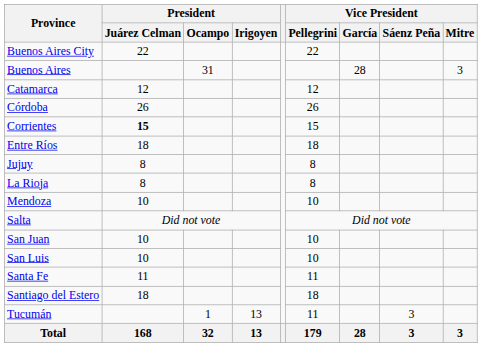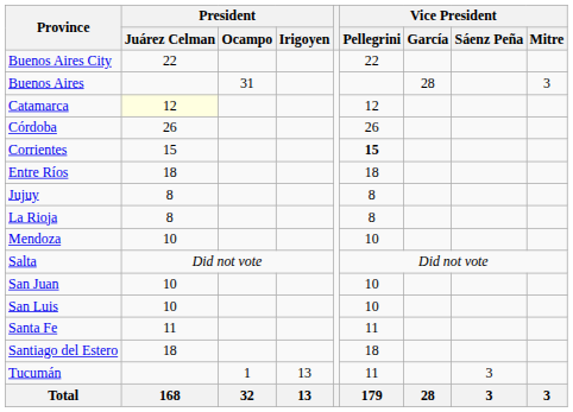 <table class="wikitable" style="text-align:center;">
 <tr>
 <th rowspan=2>Province</th>
 <th colspan=3>President</th>
 <th rowspan=2></th>
 <th colspan=4>Vice President</th>
 </tr>
 <tr>
 <th>Juárez Celman</th>
 <th>Ocampo</th>
 <th>Irigoyen</th>
 <th>Pellegrini</th>
 <th>García</th>
 <th>Sáenz Peña</th>
 <th>Mitre</th>
 </tr>
 <tr>
 <td align="left"><a href='#'>Buenos Aires City</a></td>
 <td>22</td>
 <td></td>
 <td></td>
 <td rowspan=15></td>
 <td>22</td>
 <td></td>
 <td></td>
 <td></td>
 </tr>
 <tr>
 <td align="left"><a href='#'>Buenos Aires</a></td>
 <td></td>
 <td>31</td>
 <td></td>
 <td></td>
 <td>28</td>
 <td></td>
 <td>3</td>
 </tr>
 <tr>
 <td align="left"><a href='#'>Catamarca</a></td>
-<td>12</td>
+<td style="background: lightyellow;">12</td>
 <td></td>
 <td></td>
 <td>12</td>
 <td></td>
 <td></td>
 <td></td>
 </tr>
 <tr>
 <td align="left"><a href='#'>Córdoba</a></td>
 <td>26</td>
 <td></td>
 <td></td>
 <td>26</td>
 <td></td>
 <td></td>
 <td></td>
 </tr>
 <tr>
 <td align="left"><a href='#'>Corrientes</a></td>
-<td><strong>15</strong></td>
+<td>15</td>
 <td></td>
 <td></td>
-<td>15</td>
+<td><strong>15</strong></td>
 <td></td>
 <td></td>
 <td></td>
 </tr>
 <tr>
 <td align="left"><a href='#'>Entre Ríos</a></td>
 <td>18</td>
 <td></td>
 <td></td>
 <td>18</td>
 <td></td>
 <td></td>
 <td></td>
 </tr>
 <tr>
 <td align="left"><a href='#'>Jujuy</a></td>
 <td>8</td>
 <td></td>
 <td></td>
 <td>8</td>
 <td></td>
 <td></td>
 <td></td>
 </tr>
 <tr>
 <td align="left"><a href='#'>La Rioja</a></td>
 <td>8</td>
 <td></td>
 <td></td>
 <td>8</td>
 <td></td>
 <td></td>
 <td></td>
 </tr>
 <tr>
 <td align="left"><a href='#'>Mendoza</a></td>
 <td>10</td>
 <td></td>
 <td></td>
 <td>10</td>
 <td></td>
 <td></td>
 <td></td>
 </tr>
 <tr>
 <td align="left"><a href='#'>Salta</a></td>
 <td colspan=3><em>Did not vote</em></td>
 <td colspan=4><em>Did not vote</em></td>
 </tr>
 <tr>
 <td align="left"><a href='#'>San Juan</a></td>
 <td>10</td>
 <td></td>
 <td></td>
 <td>10</td>
 <td></td>
 <td></td>
 <td></td>
 </tr>
 <tr>
 <td align="left"><a href='#'>San Luis</a></td>
 <td>10</td>
 <td></td>
 <td></td>
 <td>10</td>
 <td></td>
 <td></td>
 <td></td>
 </tr>
 <tr>
 <td align="left"><a href='#'>Santa Fe</a></td>
 <td>11</td>
 <td></td>
 <td></td>
 <td>11</td>
 <td></td>
 <td></td>
 <td></td>
 </tr>
 <tr>
 <td align="left"><a href='#'>Santiago del Estero</a></td>
 <td>18</td>
 <td></td>
 <td></td>
 <td>18</td>
 <td></td>
 <td></td>
 <td></td>
 </tr>
 <tr>
 <td align="left"><a href='#'>Tucumán</a></td>
 <td></td>
 <td>1</td>
 <td>13</td>
 <td>11</td>
 <td></td>
 <td>3</td>
 <td></td>
 </tr>
 <tr>
 <th>Total</th>
 <th>168</th>
 <th>32</th>
 <th>13</th>
 <th></th>
 <th>179</th>
 <th>28</th>
 <th>3</th>
 <th>3</th>
 </tr>
 </table>
